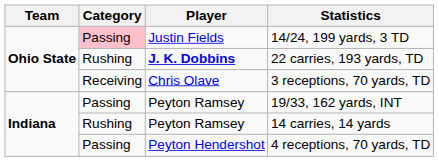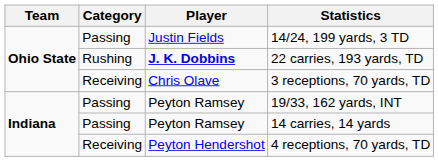 <table class="wikitable" style="float: right;">
 <tr>
 <th>Team</th>
 <th>Category</th>
 <th>Player</th>
 <th>Statistics</th>
 </tr>
 <tr>
 <td rowspan=3><strong>Ohio State</strong></td>
-<td style="background: pink;">Passing</td>
+<td>Passing</td>
 <td><a href='#'>Justin Fields</a></td>
 <td>14/24, 199 yards, 3 TD</td>
 </tr>
 <tr>
 <td>Rushing</td>
 <td><strong><a href='#'>J. K. Dobbins</a></strong></td>
 <td>22 carries, 193 yards, TD</td>
 </tr>
 <tr>
 <td>Receiving</td>
 <td><a href='#'>Chris Olave</a></td>
 <td>3 receptions, 70 yards, TD</td>
 </tr>
 <tr>
 <td rowspan=3><strong>Indiana</strong></td>
 <td>Passing</td>
 <td>Peyton Ramsey</td>
 <td>19/33, 162 yards, INT</td>
 </tr>
 <tr>
-<td>Rushing</td>
+<td>Passing</td>
 <td>Peyton Ramsey</td>
 <td>14 carries, 14 yards</td>
 </tr>
 <tr>
-<td>Passing</td>
+<td>Receiving</td>
 <td><a href='#'>Peyton Hendershot</a></td>
 <td>4 receptions, 70 yards, TD</td>
 </tr>
 </table>
